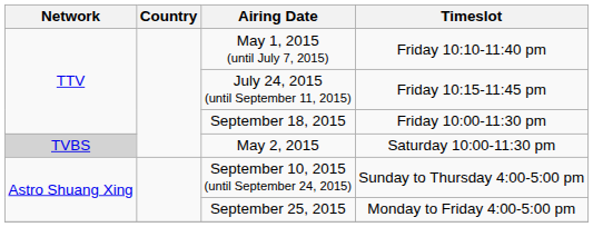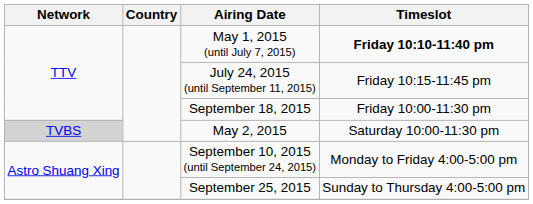 <table class="wikitable"  style="text-align:center">
 <tr>
 <th>Network</th>
 <th>Country</th>
 <th>Airing Date</th>
 <th>Timeslot</th>
 </tr>
 <tr>
 <td rowspan=3><a href='#'>TTV</a></td>
 <td rowspan=4></td>
 <td>May 1, 2015<br><small>(until July 7, 2015)</small></td>
-<td>Friday 10:10-11:40 pm</td>
+<td><strong>Friday 10:10-11:40 pm</strong></td>
 </tr>
 <tr>
 <td>July 24, 2015<br><small>(until September 11, 2015)</small></td>
 <td>Friday 10:15-11:45 pm</td>
 </tr>
 <tr>
 <td>September 18, 2015</td>
 <td>Friday 10:00-11:30 pm</td>
 </tr>
 <tr>
 <td style="background: lightgrey;"><a href='#'>TVBS</a></td>
 <td>May 2, 2015</td>
 <td>Saturday 10:00-11:30 pm</td>
 </tr>
 <tr>
 <td rowspan=2><a href='#'>Astro Shuang Xing</a></td>
 <td rowspan=2></td>
 <td>September 10, 2015<br><small>(until September 24, 2015)</small></td>
-<td>Sunday to Thursday 4:00-5:00 pm</td>
+<td>Monday to Friday 4:00-5:00 pm</td>
 </tr>
 <tr>
 <td>September 25, 2015</td>
-<td>Monday to Friday 4:00-5:00 pm</td>
+<td>Sunday to Thursday 4:00-5:00 pm</td>
 </tr>
 <tr>
 </tr>
 </table>
